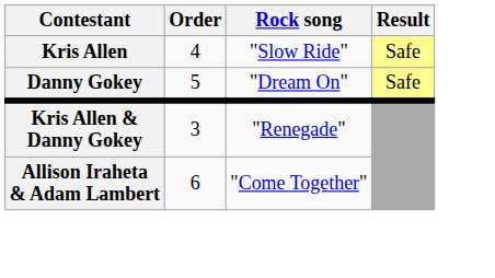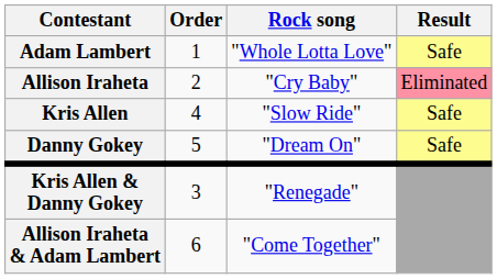 <table class="wikitable unsortable" style="text-align:center;">
 <tr>
 <th scope="col">Contestant</th>
 <th scope="col">Order</th>
 <th scope="col"><a href='#'>Rock</a> song</th>
 <th scope="col">Result</th>
+</tr>
+<tr>
+<th scope="row">Adam Lambert</th>
+<td>1</td>
+<td>"<a href='#'>Whole Lotta Love</a>"</td>
+<td style="background:#FDFC8F">Safe</td>
+</tr>
+<tr>
+<th scope="row">Allison Iraheta</th>
+<td>2</td>
+<td>"<a href='#'>Cry Baby</a>"</td>
+<td bgcolor="FF91A4">Eliminated</td>
 </tr>
 <tr>
 <th scope="row">Kris Allen</th>
 <td>4</td>
 <td>"<a href='#'>Slow Ride</a>"</td>
 <td style="background:#FDFC8F">Safe</td>
 </tr>
 <tr>
 <th scope="row">Danny Gokey</th>
 <td>5</td>
 <td>"<a href='#'>Dream On</a>"</td>
 <td style="background:#FDFC8F">Safe</td>
 </tr>
 <tr style="border-top:5px solid">
 <th scope="row">Kris Allen &<br>Danny Gokey</th>
 <td>3</td>
 <td>"<a href='#'>Renegade</a>"</td>
 <td bgcolor="darkgray" rowspan="2"></td>
 </tr>
 <tr>
 <th scope="row">Allison Iraheta<br>& Adam Lambert</th>
 <td>6</td>
 <td>"<a href='#'>Come Together</a>"</td>
 </tr>
 </table>
